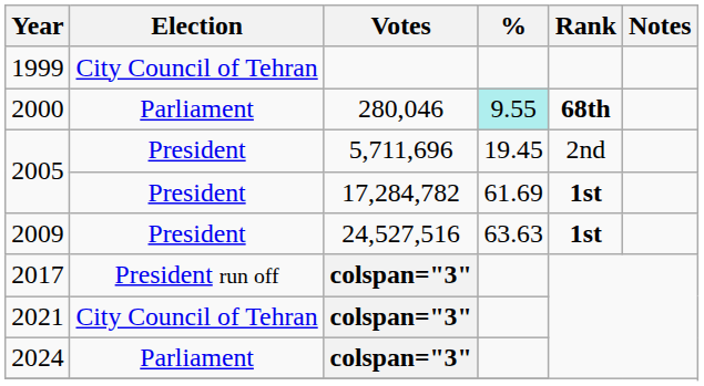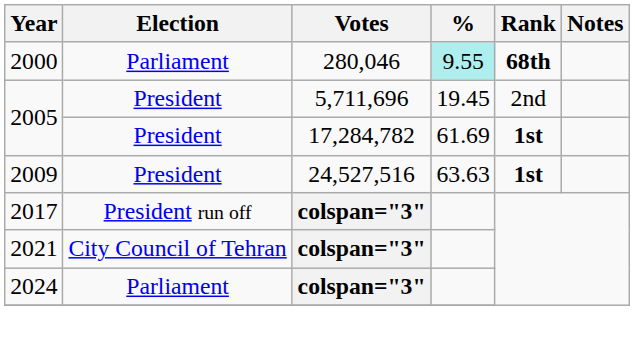 <table class="wikitable" style="text-align:center;">
 <tr>
 <th>Year</th>
 <th>Election</th>
 <th>Votes</th>
 <th>%</th>
 <th>Rank</th>
 <th>Notes</th>
-</tr>
-<tr>
-<td>1999</td>
-<td><a href='#'>City Council of Tehran</a></td>
-<td></td>
-<td></td>
-<td></td>
-<td></td>
 </tr>
 <tr>
 <td>2000</td>
 <td><a href='#'>Parliament</a></td>
 <td>280,046</td>
 <td style="background: paleturquoise;">9.55</td>
 <td><strong>68th</strong></td>
 <td></td>
 </tr>
 <tr>
 <td rowspan="2">2005</td>
 <td><a href='#'>President</a></td>
 <td>5,711,696</td>
 <td>19.45</td>
 <td>2nd</td>
 <td></td>
 </tr>
 <tr>
 <td><a href='#'>President</a></td>
 <td> 17,284,782</td>
 <td> 61.69</td>
 <td><strong>1st</strong></td>
 <td></td>
 </tr>
 <tr>
 <td>2009</td>
 <td><a href='#'>President</a></td>
 <td> 24,527,516</td>
 <td> 63.63</td>
 <td><strong>1st</strong></td>
 <td></td>
 </tr>
 <tr>
 <td>2017</td>
 <td><a href='#'>President</a> <small>run off</small></td>
 <th>colspan="3" </th>
 <td></td>
 </tr>
 <tr>
 <td>2021</td>
 <td><a href='#'>City Council of Tehran</a></td>
 <th>colspan="3" </th>
 <td></td>
 </tr>
 <tr>
 <td>2024</td>
 <td><a href='#'>Parliament</a></td>
 <th>colspan="3" </th>
 <td></td>
 </tr>
 <tr>
 </tr>
 </table>
